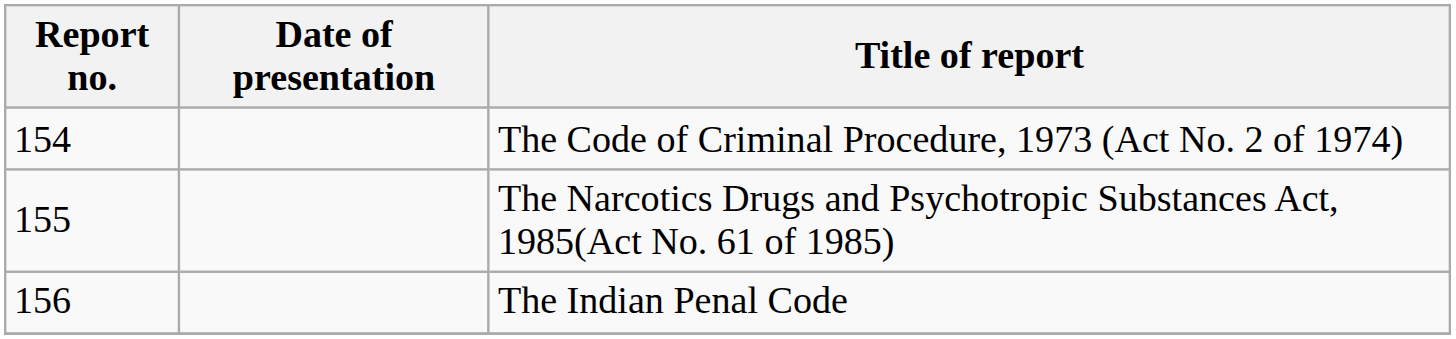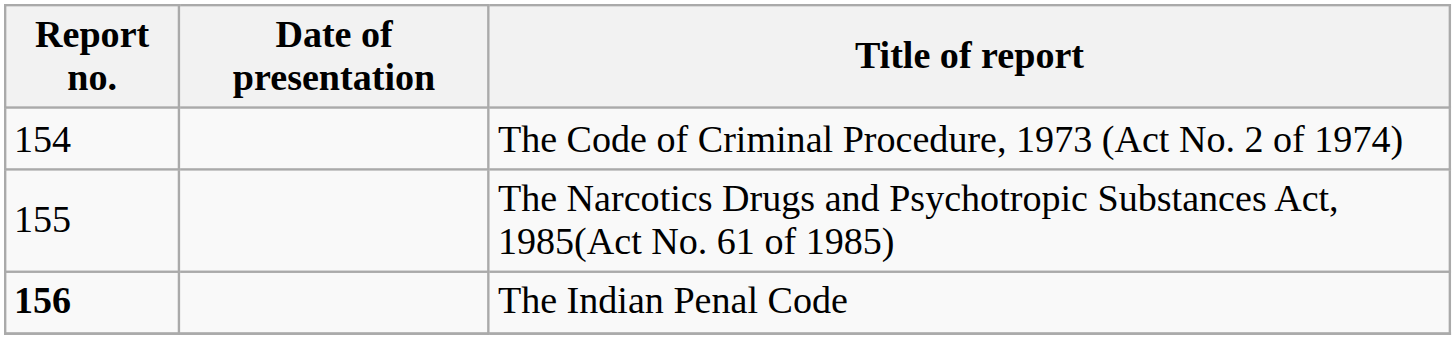 <table class="wikitable">
 <tr>
 <th>Report no.</th>
 <th>Date of presentation</th>
 <th>Title of report</th>
 </tr>
 <tr>
 <td>154</td>
 <td></td>
 <td>The Code of Criminal Procedure, 1973 (Act No. 2 of 1974)</td>
 </tr>
 <tr>
 <td>155</td>
 <td></td>
 <td>The Narcotics Drugs and Psychotropic Substances Act, 1985(Act No. 61 of 1985)</td>
 </tr>
 <tr>
-<td>156</td>
+<td><strong>156</strong></td>
 <td></td>
 <td>The Indian Penal Code</td>
 </tr>
 <tr>
 </tr>
 </table>
